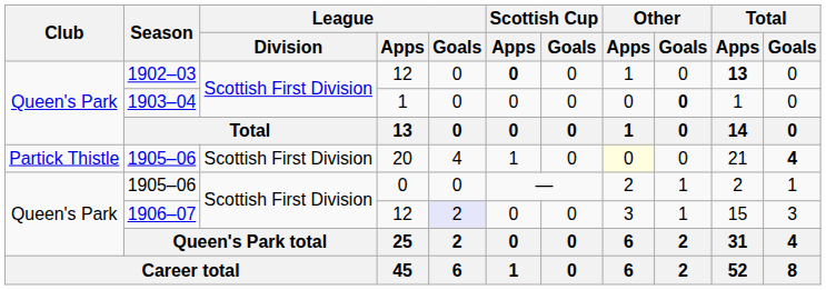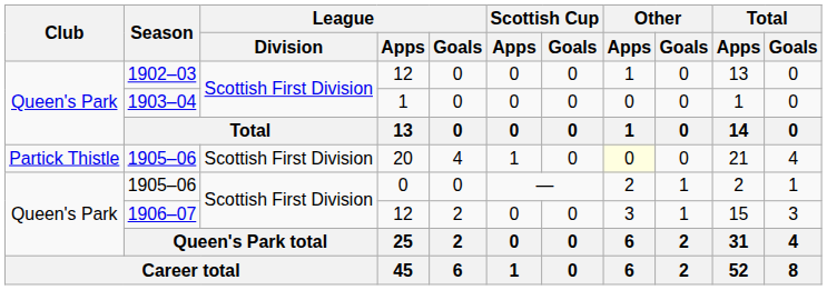 <table class="wikitable" style="text-align: center;">
 <tr>
 <th rowspan="2">Club</th>
 <th rowspan="2">Season</th>
 <th colspan="3">League</th>
 <th colspan="2">Scottish Cup</th>
 <th colspan="2">Other</th>
 <th colspan="2">Total</th>
 </tr>
 <tr>
 <th>Division</th>
 <th>Apps</th>
 <th>Goals</th>
 <th>Apps</th>
 <th>Goals</th>
 <th>Apps</th>
 <th>Goals</th>
 <th>Apps</th>
 <th>Goals</th>
 </tr>
 <tr>
 <td rowspan="3"><a href='#'>Queen's Park</a></td>
 <td><a href='#'>1902–03</a></td>
 <td rowspan="2"><a href='#'>Scottish First Division</a></td>
 <td>12</td>
 <td>0</td>
-<td><strong>0</strong></td>
+<td>0</td>
 <td>0</td>
 <td>1</td>
 <td>0</td>
-<td><strong>13</strong></td>
+<td>13</td>
 <td>0</td>
 </tr>
 <tr>
 <td><a href='#'>1903–04</a></td>
 <td>1</td>
 <td>0</td>
 <td>0</td>
 <td>0</td>
 <td>0</td>
-<td><strong>0</strong></td>
+<td>0</td>
 <td>1</td>
 <td>0</td>
 </tr>
 <tr>
 <th colspan="2">Total</th>
 <th>13</th>
 <th>0</th>
 <th>0</th>
 <th>0</th>
 <th>1</th>
 <th>0</th>
 <th>14</th>
 <th>0</th>
 </tr>
 <tr>
 <td><a href='#'>Partick Thistle</a></td>
 <td><a href='#'>1905–06</a></td>
 <td>Scottish First Division</td>
 <td>20</td>
 <td>4</td>
 <td>1</td>
 <td>0</td>
 <td style="background: lightyellow;">0</td>
 <td>0</td>
 <td>21</td>
-<td><strong>4</strong></td>
+<td>4</td>
 </tr>
 <tr>
 <td rowspan="3">Queen's Park</td>
 <td>1905–06</td>
 <td rowspan="2">Scottish First Division</td>
 <td>0</td>
 <td>0</td>
 <td colspan="2">—</td>
 <td>2</td>
 <td>1</td>
 <td>2</td>
 <td>1</td>
 </tr>
 <tr>
 <td><a href='#'>1906–07</a></td>
 <td>12</td>
-<td style="background: lavender;">2</td>
+<td>2</td>
 <td>0</td>
 <td>0</td>
 <td>3</td>
 <td>1</td>
 <td>15</td>
 <td>3</td>
 </tr>
 <tr>
 <th colspan="2">Queen's Park total</th>
 <th>25</th>
 <th>2</th>
 <th>0</th>
 <th>0</th>
 <th>6</th>
 <th>2</th>
 <th>31</th>
 <th>4</th>
 </tr>
 <tr>
 <th colspan="3">Career total</th>
 <th>45</th>
 <th>6</th>
 <th>1</th>
 <th>0</th>
 <th>6</th>
 <th>2</th>
 <th>52</th>
 <th>8</th>
 </tr>
 </table>
